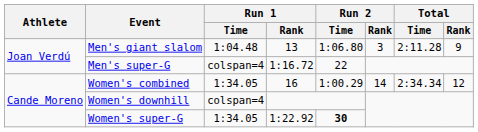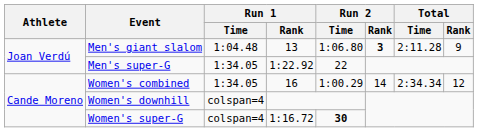 <table class=wikitable style=font-size:90%;text-align:center>
 <tr>
 <th rowspan=2>Athlete</th>
 <th rowspan=2>Event</th>
 <th colspan=2>Run 1</th>
 <th colspan=2>Run 2</th>
 <th colspan=2>Total</th>
 </tr>
 <tr style="font-size: 95%">
 <th>Time</th>
 <th>Rank</th>
 <th>Time</th>
 <th>Rank</th>
 <th>Time</th>
 <th>Rank</th>
 </tr>
 <tr>
 <td rowspan=2 align=left><a href='#'>Joan Verdú</a></td>
 <td align=left><a href='#'>Men's giant slalom</a></td>
 <td>1:04.48</td>
 <td>13</td>
 <td>1:06.80</td>
-<td>3</td>
+<td><strong>3</strong></td>
 <td>2:11.28</td>
 <td>9</td>
 </tr>
 <tr>
 <td align=left><a href='#'>Men's super-G</a></td>
-<td>colspan=4 </td>
-<td>1:16.72</td>
+<td>1:34.05</td>
+<td>1:22.92</td>
 <td>22</td>
 </tr>
 <tr>
 <td align=left rowspan=3><a href='#'>Cande Moreno</a></td>
 <td align=left><a href='#'>Women's combined</a></td>
 <td>1:34.05</td>
 <td>16</td>
 <td>1:00.29</td>
 <td>14</td>
 <td>2:34.34</td>
 <td>12</td>
 </tr>
 <tr>
 <td align=left><a href='#'>Women's downhill</a></td>
 <td>colspan=4 </td>
 <td colspan=2></td>
 </tr>
 <tr>
 <td align=left><a href='#'>Women's super-G</a></td>
-<td>1:34.05</td>
-<td>1:22.92</td>
+<td>colspan=4 </td>
+<td>1:16.72</td>
 <td><strong>30</strong></td>
 </tr>
 </table>
